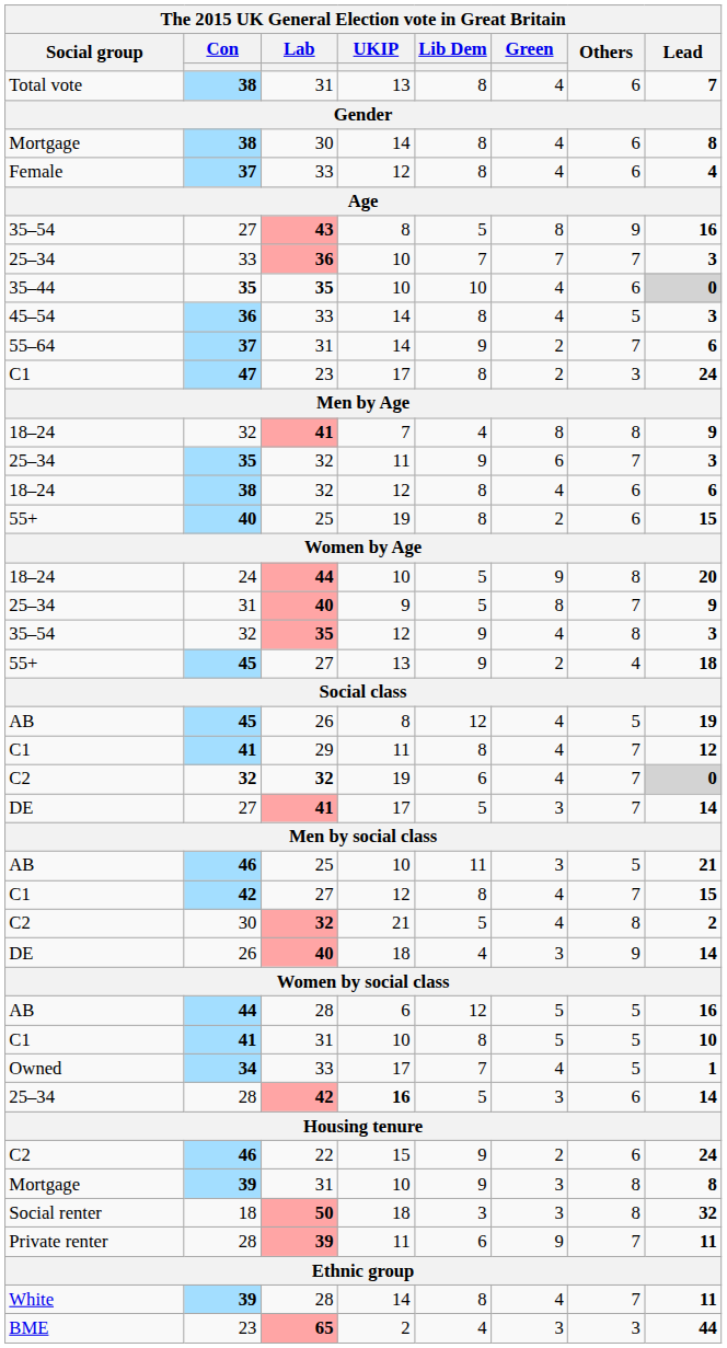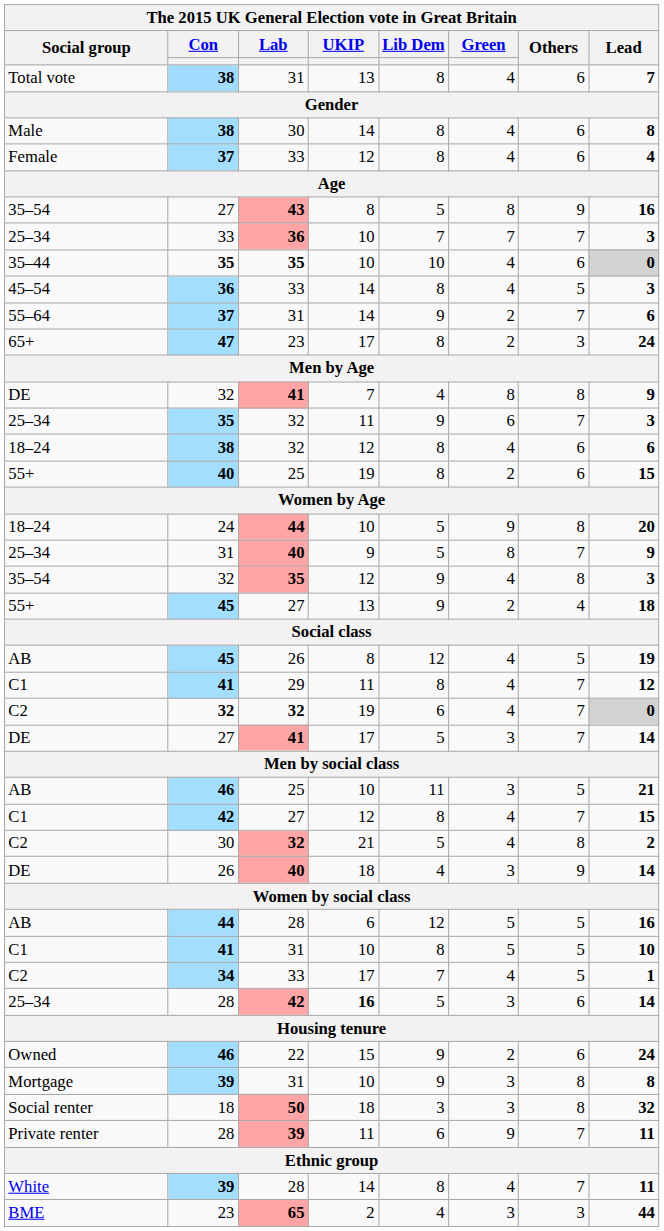 <table class=wikitable>
 <tr>
 <th colspan="10">The 2015 UK General Election vote in Great Britain</th>
 </tr>
 <tr>
 <th style="width:150px;" rowspan="2">Social group</th>
 <th style="width:60px;" class="unsortable"><a href='#'>Con</a></th>
 <th style="width:60px;" class="unsortable"><a href='#'>Lab</a></th>
 <th style="width:60px;" class="unsortable"><a href='#'>UKIP</a></th>
 <th style="width:60px;" class="unsortable"><a href='#'>Lib Dem</a></th>
 <th style="width:60px;" class="unsortable"><a href='#'>Green</a></th>
 <th style="width:60px;" rowspan="2" class="unsortable">Others</th>
 <th style="width:60px;" rowspan="2" class="unsortable">Lead</th>
 </tr>
 <tr>
 <th class="unsortable" style="color:inherit;background:"></th>
 <th class="unsortable" style="color:inherit;background:"></th>
 <th class="unsortable" style="color:inherit;background:"></th>
 <th class="unsortable" style="color:inherit;background:"></th>
 <th class="unsortable" style="color:inherit;background:"></th>
 </tr>
 <tr>
 <td>Total vote</td>
 <td style="text-align:right; background:#A2DDFF;"><strong>38</strong></td>
 <td style="text-align:right;">31</td>
 <td style="text-align:right;">13</td>
 <td style="text-align:right;">8</td>
 <td style="text-align:right;">4</td>
 <td style="text-align:right;">6</td>
 <td style="text-align:right; background:"><strong>7</strong></td>
 </tr>
 <tr>
 <th colspan=9>Gender</th>
 </tr>
 <tr>
-<td>Mortgage</td>
+<td>Male</td>
 <td style="text-align:right; background:#A3DEFF;"><strong>38</strong></td>
 <td style="text-align:right;">30</td>
 <td style="text-align:right;">14</td>
 <td style="text-align:right;">8</td>
 <td style="text-align:right;">4</td>
 <td style="text-align:right;">6</td>
 <td style="text-align:right; background:"><strong>8</strong></td>
 </tr>
 <tr>
 <td>Female</td>
 <td style="text-align:right; background:#A3DEFF;"><strong>37</strong></td>
 <td style="text-align:right;">33</td>
 <td style="text-align:right;">12</td>
 <td style="text-align:right;">8</td>
 <td style="text-align:right;">4</td>
 <td style="text-align:right;">6</td>
 <td style="text-align:right; background:"><strong>4</strong></td>
 </tr>
 <tr>
 <th colspan=9>Age</th>
 </tr>
 <tr>
 <td>35–54</td>
 <td style="text-align:right;">27</td>
 <td style="text-align:right; background:#FFA5A5;"><strong>43</strong></td>
 <td style="text-align:right;">8</td>
 <td style="text-align:right;">5</td>
 <td style="text-align:right;">8</td>
 <td style="text-align:right;">9</td>
 <td style="text-align:right; background:"><strong>16</strong></td>
 </tr>
 <tr>
 <td>25–34</td>
 <td style="text-align:right;">33</td>
 <td style="text-align:right; background:#FFA5A5;"><strong>36</strong></td>
 <td style="text-align:right;">10</td>
 <td style="text-align:right;">7</td>
 <td style="text-align:right;">7</td>
 <td style="text-align:right;">7</td>
 <td style="text-align:right; background:"><strong>3</strong></td>
 </tr>
 <tr>
 <td>35–44</td>
 <td style="text-align:right;"><strong>35</strong></td>
 <td style="text-align:right;"><strong>35</strong></td>
 <td style="text-align:right;">10</td>
 <td style="text-align:right;">10</td>
 <td style="text-align:right;">4</td>
 <td style="text-align:right;">6</td>
 <td style="text-align:right; background:lightgrey; color:black;"><strong>0</strong></td>
 </tr>
 <tr>
 <td>45–54</td>
 <td style="text-align:right; background:#A3DEFF;"><strong>36</strong></td>
 <td style="text-align:right;">33</td>
 <td style="text-align:right;">14</td>
 <td style="text-align:right;">8</td>
 <td style="text-align:right;">4</td>
 <td style="text-align:right;">5</td>
 <td style="text-align:right; background:"><strong>3</strong></td>
 </tr>
 <tr>
 <td>55–64</td>
 <td style="text-align:right; background:#A3DEFF;"><strong>37</strong></td>
 <td style="text-align:right;">31</td>
 <td style="text-align:right;">14</td>
 <td style="text-align:right;">9</td>
 <td style="text-align:right;">2</td>
 <td style="text-align:right;">7</td>
 <td style="text-align:right; background:"><strong>6</strong></td>
 </tr>
 <tr>
-<td>C1</td>
+<td>65+</td>
 <td style="text-align:right; background:#A3DEFF;"><strong>47</strong></td>
 <td style="text-align:right;">23</td>
 <td style="text-align:right;">17</td>
 <td style="text-align:right;">8</td>
 <td style="text-align:right;">2</td>
 <td style="text-align:right;">3</td>
 <td style="text-align:right; background:"><strong>24</strong></td>
 </tr>
 <tr>
 <th colspan=9>Men by Age</th>
 </tr>
 <tr>
-<td>18–24</td>
+<td>DE</td>
 <td style="text-align:right;">32</td>
 <td style="text-align:right; background:#FFA5A5;"><strong>41</strong></td>
 <td style="text-align:right;">7</td>
 <td style="text-align:right;">4</td>
 <td style="text-align:right;">8</td>
 <td style="text-align:right;">8</td>
 <td style="text-align:right; background:"><strong>9</strong></td>
 </tr>
 <tr>
 <td>25–34</td>
 <td style="text-align:right; background:#A3DEFF;"><strong>35</strong></td>
 <td style="text-align:right;">32</td>
 <td style="text-align:right;">11</td>
 <td style="text-align:right;">9</td>
 <td style="text-align:right;">6</td>
 <td style="text-align:right;">7</td>
 <td style="text-align:right; background:"><strong>3</strong></td>
 </tr>
 <tr>
 <td>18–24</td>
 <td style="text-align:right; background:#A3DEFF;"><strong>38</strong></td>
 <td style="text-align:right;">32</td>
 <td style="text-align:right;">12</td>
 <td style="text-align:right;">8</td>
 <td style="text-align:right;">4</td>
 <td style="text-align:right;">6</td>
 <td style="text-align:right; background:"><strong>6</strong></td>
 </tr>
 <tr>
 <td>55+</td>
 <td style="text-align:right; background:#A3DEFF;"><strong>40</strong></td>
 <td style="text-align:right;">25</td>
 <td style="text-align:right;">19</td>
 <td style="text-align:right;">8</td>
 <td style="text-align:right;">2</td>
 <td style="text-align:right;">6</td>
 <td style="text-align:right; background:"><strong>15</strong></td>
 </tr>
 <tr>
 <th colspan=9>Women by Age</th>
 </tr>
 <tr>
 <td>18–24</td>
 <td style="text-align:right;">24</td>
 <td style="text-align:right; background:#FFA5A5;"><strong>44</strong></td>
 <td style="text-align:right;">10</td>
 <td style="text-align:right;">5</td>
 <td style="text-align:right;">9</td>
 <td style="text-align:right;">8</td>
 <td style="text-align:right; background:"><strong>20</strong></td>
 </tr>
 <tr>
 <td>25–34</td>
 <td style="text-align:right;">31</td>
 <td style="text-align:right; background:#FFA5A5;"><strong>40</strong></td>
 <td style="text-align:right;">9</td>
 <td style="text-align:right;">5</td>
 <td style="text-align:right;">8</td>
 <td style="text-align:right;">7</td>
 <td style="text-align:right; background:"><strong>9</strong></td>
 </tr>
 <tr>
 <td>35–54</td>
 <td style="text-align:right;">32</td>
 <td style="text-align:right; background:#FFA5A5;"><strong>35</strong></td>
 <td style="text-align:right;">12</td>
 <td style="text-align:right;">9</td>
 <td style="text-align:right;">4</td>
 <td style="text-align:right;">8</td>
 <td style="text-align:right; background:"><strong>3</strong></td>
 </tr>
 <tr>
 <td>55+</td>
 <td style="text-align:right; background:#A3DEFF;"><strong>45</strong></td>
 <td style="text-align:right;">27</td>
 <td style="text-align:right;">13</td>
 <td style="text-align:right;">9</td>
 <td style="text-align:right;">2</td>
 <td style="text-align:right;">4</td>
 <td style="text-align:right; background:"><strong>18</strong></td>
 </tr>
 <tr>
 <th colspan=9>Social class</th>
 </tr>
 <tr>
 <td>AB</td>
 <td style="text-align:right; background:#A3DEFF;"><strong>45</strong></td>
 <td style="text-align:right;">26</td>
 <td style="text-align:right;">8</td>
 <td style="text-align:right;">12</td>
 <td style="text-align:right;">4</td>
 <td style="text-align:right;">5</td>
 <td style="text-align:right; background:"><strong>19</strong></td>
 </tr>
 <tr>
 <td>C1</td>
 <td style="text-align:right; background:#A3DEFF;"><strong>41</strong></td>
 <td style="text-align:right;">29</td>
 <td style="text-align:right;">11</td>
 <td style="text-align:right;">8</td>
 <td style="text-align:right;">4</td>
 <td style="text-align:right;">7</td>
 <td style="text-align:right; background:"><strong>12</strong></td>
 </tr>
 <tr>
 <td>C2</td>
 <td style="text-align:right;"><strong>32</strong></td>
 <td style="text-align:right;"><strong>32</strong></td>
 <td style="text-align:right;">19</td>
 <td style="text-align:right;">6</td>
 <td style="text-align:right;">4</td>
 <td style="text-align:right;">7</td>
 <td style="text-align:right; background:lightgrey; color:black;"><strong>0</strong></td>
 </tr>
 <tr>
 <td>DE</td>
 <td style="text-align:right;">27</td>
 <td style="text-align:right; background:#FFA5A5;"><strong>41</strong></td>
 <td style="text-align:right;">17</td>
 <td style="text-align:right;">5</td>
 <td style="text-align:right;">3</td>
 <td style="text-align:right;">7</td>
 <td style="text-align:right; background:"><strong>14</strong></td>
 </tr>
 <tr>
 <th colspan=9>Men by social class</th>
 </tr>
 <tr>
 <td>AB</td>
 <td style="text-align:right; background:#A3DEFF;"><strong>46</strong></td>
 <td style="text-align:right;">25</td>
 <td style="text-align:right;">10</td>
 <td style="text-align:right;">11</td>
 <td style="text-align:right;">3</td>
 <td style="text-align:right;">5</td>
 <td style="text-align:right; background:"><strong>21</strong></td>
 </tr>
 <tr>
 <td>C1</td>
 <td style="text-align:right; background:#A3DEFF;"><strong>42</strong></td>
 <td style="text-align:right;">27</td>
 <td style="text-align:right;">12</td>
 <td style="text-align:right;">8</td>
 <td style="text-align:right;">4</td>
 <td style="text-align:right;">7</td>
 <td style="text-align:right; background:"><strong>15</strong></td>
 </tr>
 <tr>
 <td>C2</td>
 <td style="text-align:right;">30</td>
 <td style="text-align:right; background:#FFA5A5;"><strong>32</strong></td>
 <td style="text-align:right;">21</td>
 <td style="text-align:right;">5</td>
 <td style="text-align:right;">4</td>
 <td style="text-align:right;">8</td>
 <td style="text-align:right; background:"><strong>2</strong></td>
 </tr>
 <tr>
 <td>DE</td>
 <td style="text-align:right;">26</td>
 <td style="text-align:right; background:#FFA5A5;"><strong>40</strong></td>
 <td style="text-align:right;">18</td>
 <td style="text-align:right;">4</td>
 <td style="text-align:right;">3</td>
 <td style="text-align:right;">9</td>
 <td style="text-align:right; background:"><strong>14</strong></td>
 </tr>
 <tr>
 <th colspan=9>Women by social class</th>
 </tr>
 <tr>
 <td>AB</td>
 <td style="text-align:right; background:#A3DEFF;"><strong>44</strong></td>
 <td style="text-align:right;">28</td>
 <td style="text-align:right;">6</td>
 <td style="text-align:right;">12</td>
 <td style="text-align:right;">5</td>
 <td style="text-align:right;">5</td>
 <td style="text-align:right; background:"><strong>16</strong></td>
 </tr>
 <tr>
 <td>C1</td>
 <td style="text-align:right; background:#A3DEFF;"><strong>41</strong></td>
 <td style="text-align:right;">31</td>
 <td style="text-align:right;">10</td>
 <td style="text-align:right;">8</td>
 <td style="text-align:right;">5</td>
 <td style="text-align:right;">5</td>
 <td style="text-align:right; background:"><strong>10</strong></td>
 </tr>
 <tr>
-<td>Owned</td>
+<td>C2</td>
 <td style="text-align:right; background:#A3DEFF;"><strong>34</strong></td>
 <td style="text-align:right;">33</td>
 <td style="text-align:right;">17</td>
 <td style="text-align:right;">7</td>
 <td style="text-align:right;">4</td>
 <td style="text-align:right;">5</td>
 <td style="text-align:right; background:"><strong>1</strong></td>
 </tr>
 <tr>
 <td>25–34</td>
 <td style="text-align:right;">28</td>
 <td style="text-align:right; background:#FFA5A5;"><strong>42</strong></td>
 <td style="text-align:right;"><strong>16</strong></td>
 <td style="text-align:right;">5</td>
 <td style="text-align:right;">3</td>
 <td style="text-align:right;">6</td>
 <td style="text-align:right; background:"><strong>14</strong></td>
 </tr>
 <tr>
 <th colspan=9>Housing tenure</th>
 </tr>
 <tr>
-<td>C2</td>
+<td>Owned</td>
 <td style="text-align:right; background:#A3DEFF;"><strong>46</strong></td>
 <td style="text-align:right;">22</td>
 <td style="text-align:right;">15</td>
 <td style="text-align:right;">9</td>
 <td style="text-align:right;">2</td>
 <td style="text-align:right;">6</td>
 <td style="text-align:right; background:"><strong>24</strong></td>
 </tr>
 <tr>
 <td>Mortgage</td>
 <td style="text-align:right; background:#A3DEFF;"><strong>39</strong></td>
 <td style="text-align:right;">31</td>
 <td style="text-align:right;">10</td>
 <td style="text-align:right;">9</td>
 <td style="text-align:right;">3</td>
 <td style="text-align:right;">8</td>
 <td style="text-align:right; background:"><strong>8</strong></td>
 </tr>
 <tr>
 <td>Social renter</td>
 <td style="text-align:right;">18</td>
 <td style="text-align:right; background:#FFA5A5;"><strong>50</strong></td>
 <td style="text-align:right;">18</td>
 <td style="text-align:right;">3</td>
 <td style="text-align:right;">3</td>
 <td style="text-align:right;">8</td>
 <td style="text-align:right; background:"><strong>32</strong></td>
 </tr>
 <tr>
 <td>Private renter</td>
 <td style="text-align:right;">28</td>
 <td style="text-align:right; background:#FFA5A5;"><strong>39</strong></td>
 <td style="text-align:right;">11</td>
 <td style="text-align:right;">6</td>
 <td style="text-align:right;">9</td>
 <td style="text-align:right;">7</td>
 <td style="text-align:right; background:"><strong>11</strong></td>
 </tr>
 <tr>
 <th colspan=9>Ethnic group</th>
 </tr>
 <tr>
 <td><a href='#'>White</a></td>
 <td style="text-align:right; background:#A3DEFF;"><strong>39</strong></td>
 <td style="text-align:right;">28</td>
 <td style="text-align:right;">14</td>
 <td style="text-align:right;">8</td>
 <td style="text-align:right;">4</td>
 <td style="text-align:right;">7</td>
 <td style="text-align:right; background:"><strong>11</strong></td>
 </tr>
 <tr>
 <td><a href='#'>BME</a></td>
 <td style="text-align:right;">23</td>
 <td style="text-align:right; background:#FFA5A5;"><strong>65</strong></td>
 <td style="text-align:right;">2</td>
 <td style="text-align:right;">4</td>
 <td style="text-align:right;">3</td>
 <td style="text-align:right;">3</td>
 <td style="text-align:right; background:"><strong>44</strong></td>
 </tr>
 </table>
